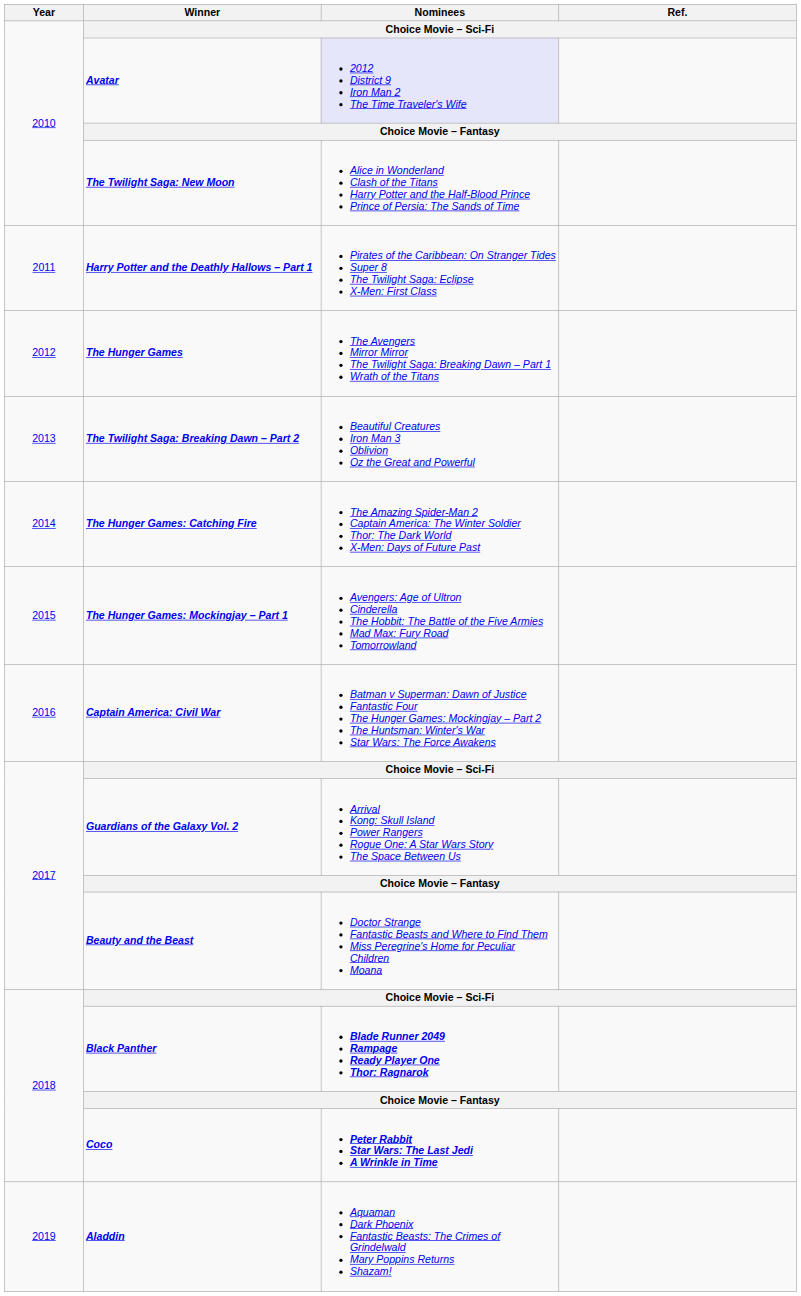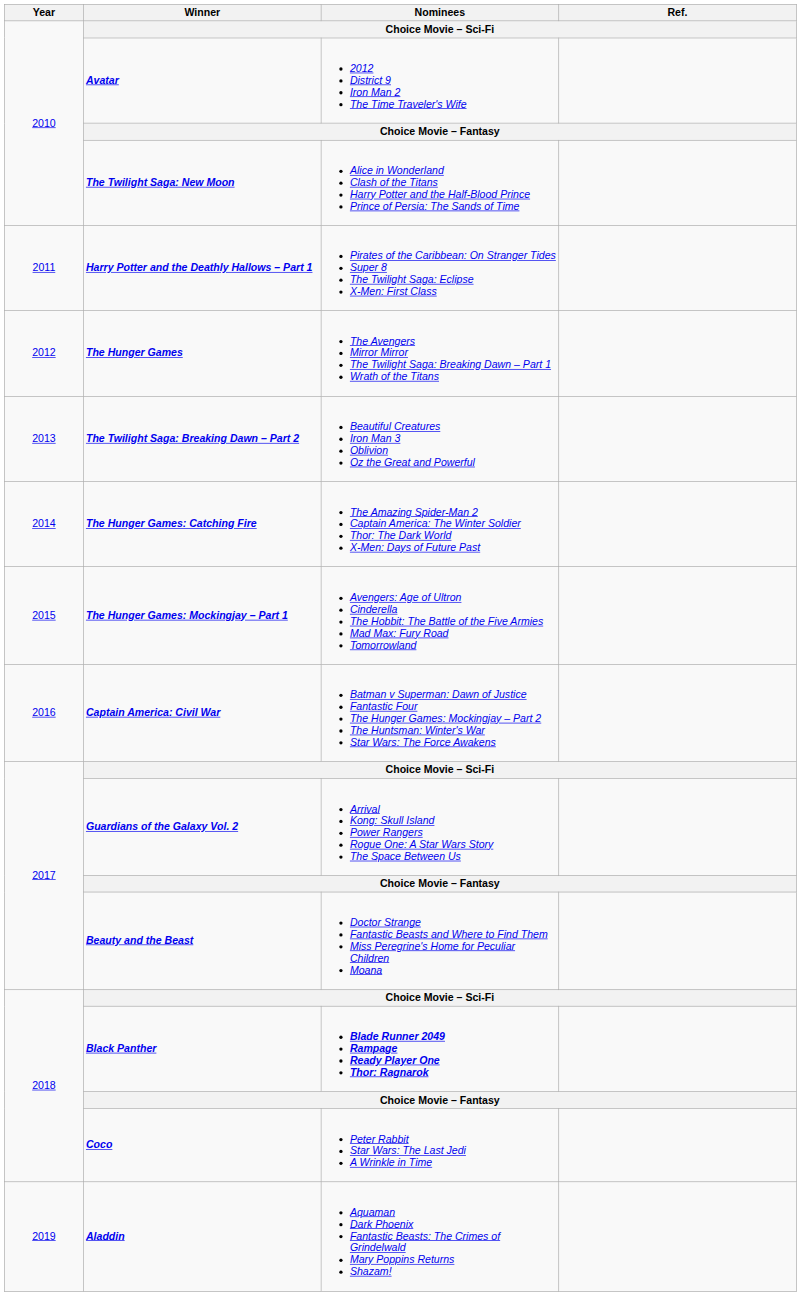 <table class="wikitable" width="95%" cellpadding="5">
 <tr>
 <th width="10%">Year</th>
 <th width="30%">Winner</th>
 <th width="30%">Nominees</th>
 <th width="30%">Ref.</th>
 </tr>
 <tr>
 <td rowspan="4" align="center"><a href='#'>2010</a></td>
 <th colspan="3">Choice Movie – Sci-Fi</th>
 </tr>
 <tr>
 <td><strong><em><a href='#'>Avatar</a></em></strong></td>
-<td style="background: lavender;"><br><ul><li><em><a href='#'>2012</a></em></li><li><em><a href='#'>District 9</a></em></li><li><em><a href='#'>Iron Man 2</a></em></li><li><em><a href='#'>The Time Traveler's Wife</a></em></li></ul></td>
+<td><br><ul><li><em><a href='#'>2012</a></em></li><li><em><a href='#'>District 9</a></em></li><li><em><a href='#'>Iron Man 2</a></em></li><li><em><a href='#'>The Time Traveler's Wife</a></em></li></ul></td>
 <td align="center"></td>
 </tr>
 <tr>
 <th colspan="3">Choice Movie – Fantasy</th>
 </tr>
 <tr>
 <td><strong><em><a href='#'>The Twilight Saga: New Moon</a></em></strong></td>
 <td><br><ul><li><em><a href='#'>Alice in Wonderland</a></em></li><li><em><a href='#'>Clash of the Titans</a></em></li><li><em><a href='#'>Harry Potter and the Half-Blood Prince</a></em></li><li><em><a href='#'>Prince of Persia: The Sands of Time</a></em></li></ul></td>
 <td align="center"></td>
 </tr>
 <tr>
 <td align="center"><a href='#'>2011</a></td>
 <td><strong><em><a href='#'>Harry Potter and the Deathly Hallows – Part 1</a></em></strong></td>
 <td><br><ul><li><em><a href='#'>Pirates of the Caribbean: On Stranger Tides</a></em></li><li><em><a href='#'>Super 8</a></em></li><li><em><a href='#'>The Twilight Saga: Eclipse</a></em></li><li><em><a href='#'>X-Men: First Class</a></em></li></ul></td>
 <td align="center"></td>
 </tr>
 <tr>
 <td align="center"><a href='#'>2012</a></td>
 <td><strong><em><a href='#'>The Hunger Games</a></em></strong></td>
 <td><br><ul><li><em><a href='#'>The Avengers</a></em></li><li><em><a href='#'>Mirror Mirror</a></em></li><li><em><a href='#'>The Twilight Saga: Breaking Dawn – Part 1</a></em></li><li><em><a href='#'>Wrath of the Titans</a></em></li></ul></td>
 <td align="center"></td>
 </tr>
 <tr>
 <td align="center"><a href='#'>2013</a></td>
 <td><strong><em><a href='#'>The Twilight Saga: Breaking Dawn – Part 2</a></em></strong></td>
 <td><br><ul><li><em><a href='#'>Beautiful Creatures</a></em></li><li><em><a href='#'>Iron Man 3</a></em></li><li><em><a href='#'>Oblivion</a></em></li><li><em><a href='#'>Oz the Great and Powerful</a></em></li></ul></td>
 <td align="center"></td>
 </tr>
 <tr>
 <td align="center"><a href='#'>2014</a></td>
 <td><strong><em><a href='#'>The Hunger Games: Catching Fire</a></em></strong></td>
 <td><br><ul><li><em><a href='#'>The Amazing Spider-Man 2</a></em></li><li><em><a href='#'>Captain America: The Winter Soldier</a></em></li><li><em><a href='#'>Thor: The Dark World</a></em></li><li><em><a href='#'>X-Men: Days of Future Past</a></em></li></ul></td>
 <td align="center"></td>
 </tr>
 <tr>
 <td align="center"><a href='#'>2015</a></td>
 <td><strong><em><a href='#'>The Hunger Games: Mockingjay – Part 1</a></em></strong></td>
 <td><br><ul><li><em><a href='#'>Avengers: Age of Ultron</a></em></li><li><em><a href='#'>Cinderella</a></em></li><li><em><a href='#'>The Hobbit: The Battle of the Five Armies</a></em></li><li><em><a href='#'>Mad Max: Fury Road</a></em></li><li><em><a href='#'>Tomorrowland</a></em></li></ul></td>
 <td align="center"></td>
 </tr>
 <tr>
 <td align="center"><a href='#'>2016</a></td>
 <td><strong><em><a href='#'>Captain America: Civil War</a></em></strong></td>
 <td><br><ul><li><em><a href='#'>Batman v Superman: Dawn of Justice</a></em></li><li><em><a href='#'>Fantastic Four</a></em></li><li><em><a href='#'>The Hunger Games: Mockingjay – Part 2</a></em></li><li><em><a href='#'>The Huntsman: Winter's War</a></em></li><li><em><a href='#'>Star Wars: The Force Awakens</a></em></li></ul></td>
 <td align="center"></td>
 </tr>
 <tr>
 <td rowspan="4" align="center"><a href='#'>2017</a></td>
 <th colspan="3">Choice Movie – Sci-Fi</th>
 </tr>
 <tr>
 <td><strong><em><a href='#'>Guardians of the Galaxy Vol. 2</a></em></strong></td>
 <td><br><ul><li><em><a href='#'>Arrival</a></em></li><li><em><a href='#'>Kong: Skull Island</a></em></li><li><em><a href='#'>Power Rangers</a></em></li><li><em><a href='#'>Rogue One: A Star Wars Story</a></em></li><li><em><a href='#'>The Space Between Us</a></em></li></ul></td>
 <td align="center"></td>
 </tr>
 <tr>
 <th colspan="3">Choice Movie – Fantasy</th>
 </tr>
 <tr>
 <td><strong><em><a href='#'>Beauty and the Beast</a></em></strong></td>
 <td><br><ul><li><em><a href='#'>Doctor Strange</a></em></li><li><em><a href='#'>Fantastic Beasts and Where to Find Them</a></em></li><li><em><a href='#'>Miss Peregrine's Home for Peculiar Children</a></em></li><li><em><a href='#'>Moana</a></em></li></ul></td>
 <td align="center"></td>
 </tr>
 <tr>
 <td rowspan="4" align="center"><a href='#'>2018</a></td>
 <th colspan="3">Choice Movie – Sci-Fi</th>
 </tr>
 <tr>
 <td><strong><em><a href='#'>Black Panther</a></em></strong></td>
 <td><strong><br><ul><li><em><a href='#'>Blade Runner 2049</a></em></li><li><em><a href='#'>Rampage</a></em></li><li><em><a href='#'>Ready Player One</a></em></li><li><em><a href='#'>Thor: Ragnarok</a></em></li></ul></strong></td>
 <td align="center"></td>
 </tr>
 <tr>
 <th colspan="3">Choice Movie – Fantasy</th>
 </tr>
 <tr>
 <td><strong><em><a href='#'>Coco</a></em></strong></td>
-<td><strong><br><ul><li><em><a href='#'>Peter Rabbit</a></em></li><li><em><a href='#'>Star Wars: The Last Jedi</a></em></li><li><em><a href='#'>A Wrinkle in Time</a></em></li></ul></strong></td>
+<td><br><ul><li><em><a href='#'>Peter Rabbit</a></em></li><li><em><a href='#'>Star Wars: The Last Jedi</a></em></li><li><em><a href='#'>A Wrinkle in Time</a></em></li></ul></td>
 <td align="center"></td>
 </tr>
 <tr>
 <td align="center"><a href='#'>2019</a></td>
 <td><strong><em><a href='#'>Aladdin</a></em></strong></td>
 <td><br><ul><li><em><a href='#'>Aquaman</a></em></li><li><em><a href='#'>Dark Phoenix</a></em></li><li><em><a href='#'>Fantastic Beasts: The Crimes of Grindelwald</a></em></li><li><em><a href='#'>Mary Poppins Returns</a></em></li><li><em><a href='#'>Shazam!</a></em></li></ul></td>
 <td align="center"></td>
 </tr>
 </table>
